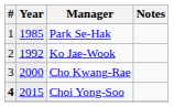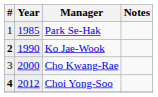 <table class="wikitable" style="text-left:center">
 <tr>
 <th>#</th>
 <th>Year</th>
 <th>Manager</th>
 <th>Notes</th>
 </tr>
 <tr>
 <td style="background:#eeeeee">1</td>
 <td style="background:#eeeeee"><a href='#'>1985</a></td>
 <td> <a href='#'>Park Se-Hak</a></td>
 <td></td>
 </tr>
 <tr>
-<td style="background:#eeeeee">2</td>
-<td style="background:#eeeeee"><a href='#'>1992</a></td>
+<td style="background:#eeeeee"><strong>2</strong></td>
+<td style="background:#eeeeee"><a href='#'>1990</a></td>
 <td> <a href='#'>Ko Jae-Wook</a></td>
 <td></td>
 </tr>
 <tr>
 <td style="background:#eeeeee">3</td>
 <td style="background:#eeeeee"><a href='#'>2000</a></td>
 <td> <a href='#'>Cho Kwang-Rae</a></td>
 <td></td>
 </tr>
 <tr>
 <td style="background:#eeeeee"><strong>4</strong></td>
-<td style="background:#eeeeee"><a href='#'>2015</a></td>
+<td style="background:#eeeeee"><a href='#'>2012</a></td>
 <td> <a href='#'>Choi Yong-Soo</a></td>
 <td></td>
 </tr>
 <tr>
 </tr>
 </table>
